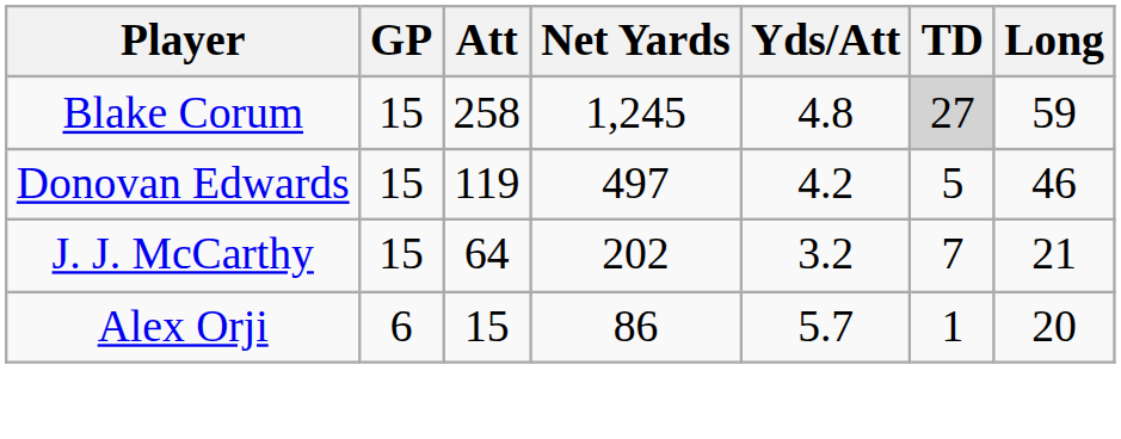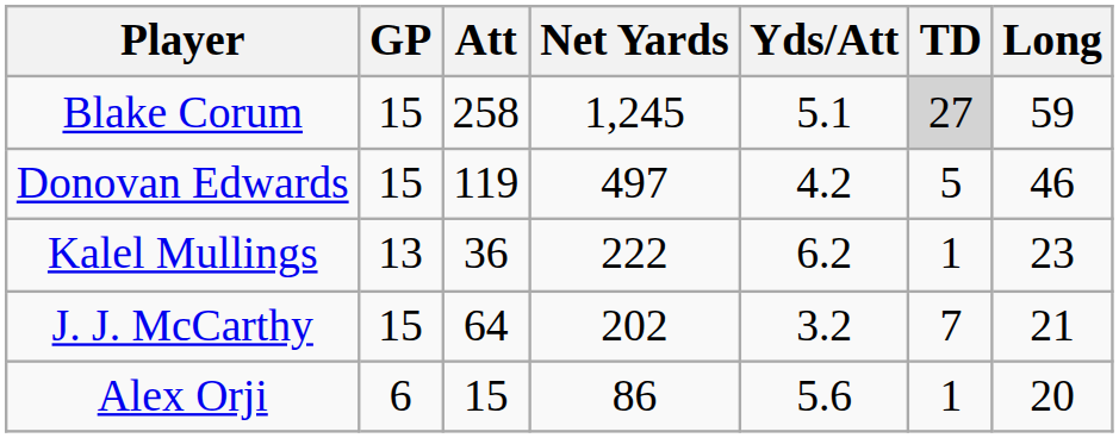 <table class="wikitable sortable sortable" style="text-align: center">
 <tr align=center>
 <th>Player</th>
 <th>GP</th>
 <th>Att</th>
 <th>Net Yards</th>
 <th>Yds/Att</th>
 <th>TD</th>
 <th>Long</th>
 </tr>
 <tr>
 <td><a href='#'>Blake Corum</a></td>
 <td>15</td>
 <td>258</td>
 <td>1,245</td>
-<td>4.8</td>
+<td>5.1</td>
 <td style="background: lightgrey;">27</td>
 <td>59</td>
 </tr>
 <tr>
 <td><a href='#'>Donovan Edwards</a></td>
 <td>15</td>
 <td>119</td>
 <td>497</td>
 <td>4.2</td>
 <td>5</td>
 <td>46</td>
+</tr>
+<tr>
+<td><a href='#'>Kalel Mullings</a></td>
+<td>13</td>
+<td>36</td>
+<td>222</td>
+<td>6.2</td>
+<td>1</td>
+<td>23</td>
 </tr>
 <tr>
 <td><a href='#'>J. J. McCarthy</a></td>
 <td>15</td>
 <td>64</td>
 <td>202</td>
 <td>3.2</td>
 <td>7</td>
 <td>21</td>
 </tr>
 <tr>
 <td><a href='#'>Alex Orji</a></td>
 <td>6</td>
 <td>15</td>
 <td>86</td>
-<td>5.7</td>
+<td>5.6</td>
 <td>1</td>
 <td>20</td>
 </tr>
 </table>
